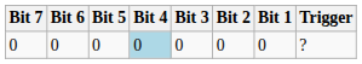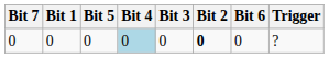 <table class="wikitable">
 <tr>
 <th>Bit 7</th>
-<th>Bit 6</th>
+<th>Bit 1</th>
 <th>Bit 5</th>
 <th>Bit 4</th>
 <th>Bit 3</th>
 <th>Bit 2</th>
-<th>Bit 1</th>
+<th>Bit 6</th>
 <th>Trigger</th>
 </tr>
 <tr>
 <td>0</td>
 <td>0</td>
 <td>0</td>
 <td style="background: lightblue;">0</td>
 <td>0</td>
-<td>0</td>
+<td><strong>0</strong></td>
 <td>0</td>
 <td>?</td>
 </tr>
 </table>
